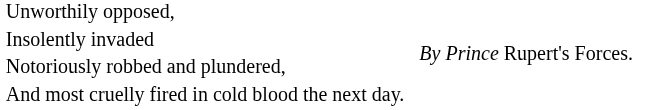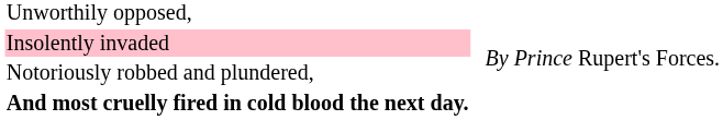 <table>
 <tr>
 <td>Unworthily opposed,</td>
 <td rowspan=2></td>
 <td rowspan=4></td>
 <td rowspan=4><em>By Prince</em> Rupert's Forces.</td>
 </tr>
 <tr>
-<td>Insolently invaded</td>
+<td style="background: pink;">Insolently invaded</td>
 </tr>
 <tr>
 <td>Notoriously robbed and plundered,</td>
 <td rowspan=2></td>
 </tr>
 <tr>
-<td>And most cruelly fired in cold blood the next day.</td>
+<td><strong>And most cruelly fired in cold blood the next day.</strong></td>
 </tr>
 </table>
